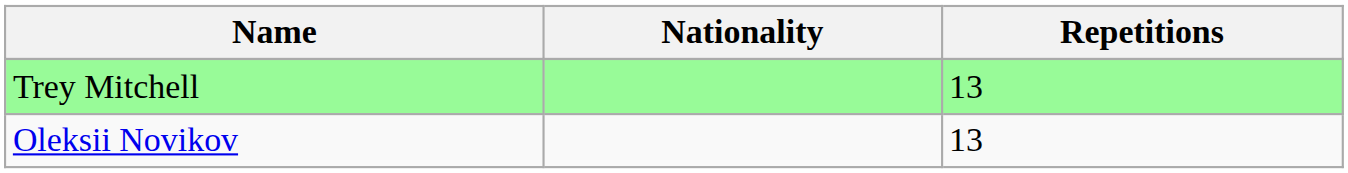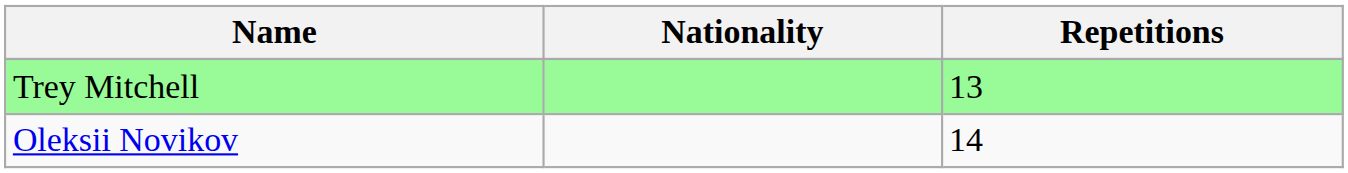 <table class="wikitable" style="display: inline-table; width: 50%;">
 <tr>
 <th>Name</th>
 <th>Nationality</th>
 <th>Repetitions</th>
 </tr>
 <tr>
 </tr>
 <tr style="background:palegreen">
 <td>Trey Mitchell</td>
 <td></td>
 <td>13</td>
 </tr>
 <tr>
 <td><a href='#'>Oleksii Novikov</a></td>
 <td></td>
-<td>13</td>
+<td>14</td>
 </tr>
 </table>
